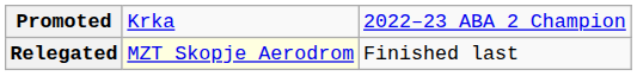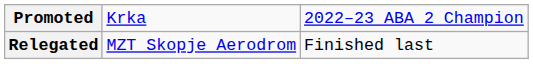 <table class="wikitable">
 <tr>
 <th>Promoted</th>
 <td> <a href='#'>Krka</a></td>
 <td><a href='#'>2022–23 ABA 2 Champion</a></td>
 </tr>
 <tr>
 <th>Relegated</th>
-<td style="background: lightyellow;"> <a href='#'>MZT Skopje Aerodrom</a></td>
+<td> <a href='#'>MZT Skopje Aerodrom</a></td>
 <td>Finished last</td>
 </tr>
 </table>
